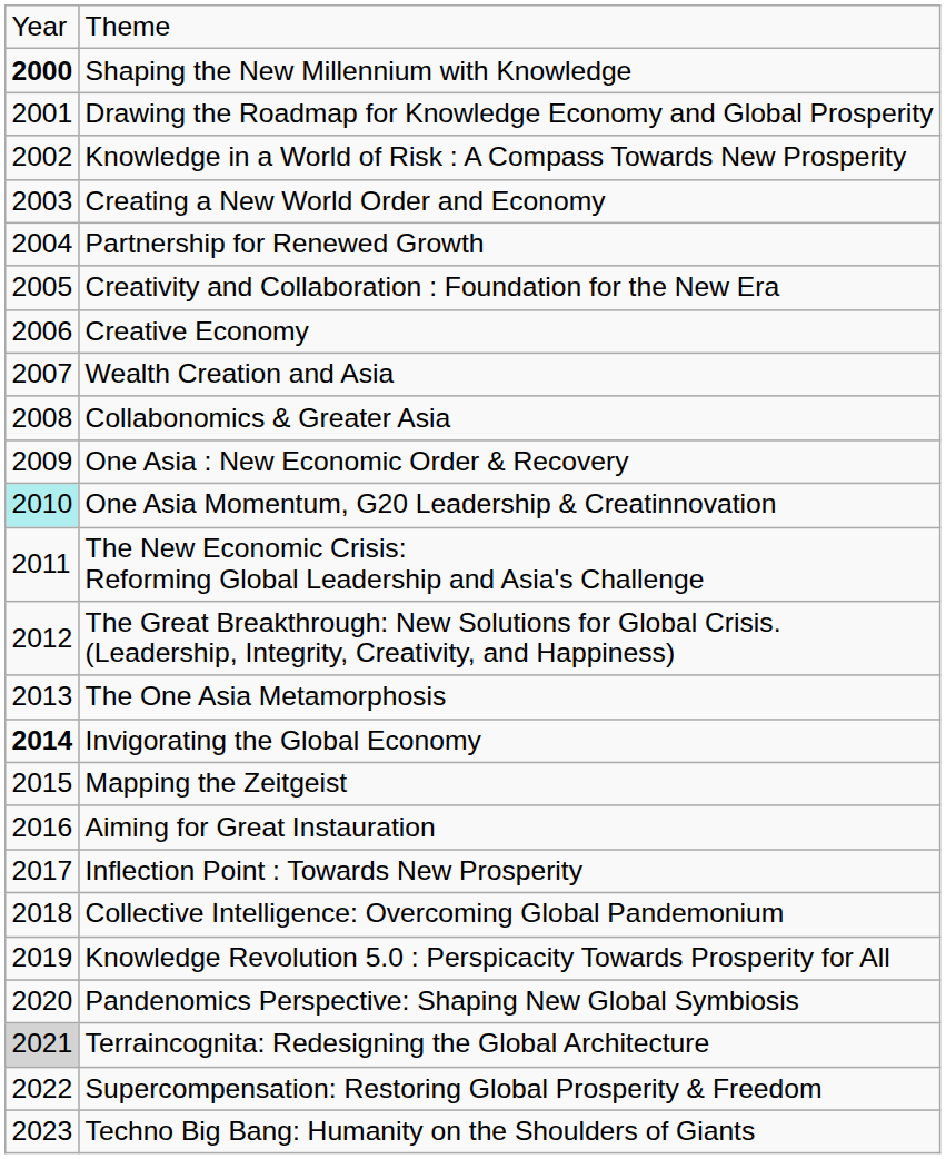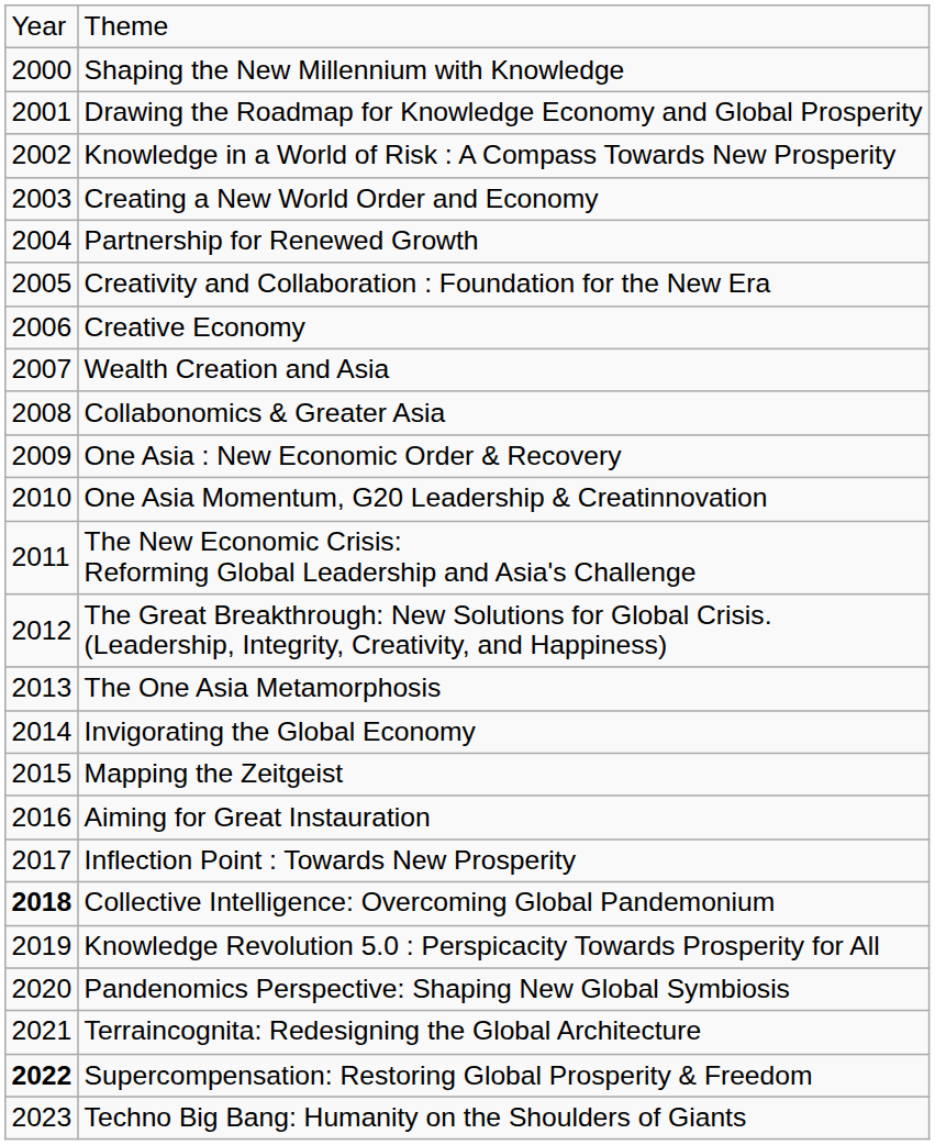 <table class="wikitable">
 <tr>
 <td>Year</td>
 <td>Theme</td>
 </tr>
 <tr>
-<td><strong>2000</strong></td>
+<td>2000</td>
 <td>Shaping the New Millennium with Knowledge</td>
 </tr>
 <tr>
 <td>2001</td>
 <td>Drawing the Roadmap for Knowledge Economy and Global Prosperity</td>
 </tr>
 <tr>
 <td>2002</td>
 <td>Knowledge in a World of Risk : A Compass Towards New Prosperity</td>
 </tr>
 <tr>
 <td>2003</td>
 <td>Creating a New World  Order and Economy</td>
 </tr>
 <tr>
 <td>2004</td>
 <td>Partnership for Renewed Growth</td>
 </tr>
 <tr>
 <td>2005</td>
 <td>Creativity and Collaboration : Foundation for the New Era</td>
 </tr>
 <tr>
 <td>2006</td>
 <td>Creative Economy</td>
 </tr>
 <tr>
 <td>2007</td>
 <td>Wealth Creation and  Asia</td>
 </tr>
 <tr>
 <td>2008</td>
 <td>Collabonomics & Greater Asia</td>
 </tr>
 <tr>
 <td>2009</td>
 <td>One Asia : New Economic Order & Recovery</td>
 </tr>
 <tr>
-<td style="background: paleturquoise;">2010</td>
+<td>2010</td>
 <td>One Asia Momentum, G20 Leadership & Creatinnovation</td>
 </tr>
 <tr>
 <td>2011</td>
 <td>The New Economic Crisis:<br>Reforming Global Leadership and Asia's Challenge</td>
 </tr>
 <tr>
 <td>2012</td>
 <td>The Great Breakthrough: New Solutions for Global Crisis.<br>(Leadership, Integrity, Creativity, and Happiness)</td>
 </tr>
 <tr>
 <td>2013</td>
 <td>The One Asia Metamorphosis</td>
 </tr>
 <tr>
-<td><strong>2014</strong></td>
+<td>2014</td>
 <td>Invigorating the Global Economy</td>
 </tr>
 <tr>
 <td>2015</td>
 <td>Mapping the Zeitgeist</td>
 </tr>
 <tr>
 <td>2016</td>
 <td>Aiming for Great Instauration</td>
 </tr>
 <tr>
 <td>2017</td>
 <td>Inflection Point : Towards New Prosperity</td>
 </tr>
 <tr>
-<td>2018</td>
+<td><strong>2018</strong></td>
 <td>Collective Intelligence: Overcoming Global Pandemonium</td>
 </tr>
 <tr>
 <td>2019</td>
 <td>Knowledge Revolution 5.0 : Perspicacity Towards Prosperity for All</td>
 </tr>
 <tr>
 <td>2020</td>
 <td>Pandenomics Perspective: Shaping New Global Symbiosis</td>
 </tr>
 <tr>
-<td style="background: lightgrey;">2021</td>
+<td>2021</td>
 <td>Terraincognita: Redesigning the Global Architecture</td>
 </tr>
 <tr>
-<td>2022</td>
+<td><strong>2022</strong></td>
 <td>Supercompensation: Restoring Global Prosperity & Freedom</td>
 </tr>
 <tr>
 <td>2023</td>
 <td>Techno Big Bang: Humanity on the Shoulders of Giants</td>
 </tr>
 </table>
